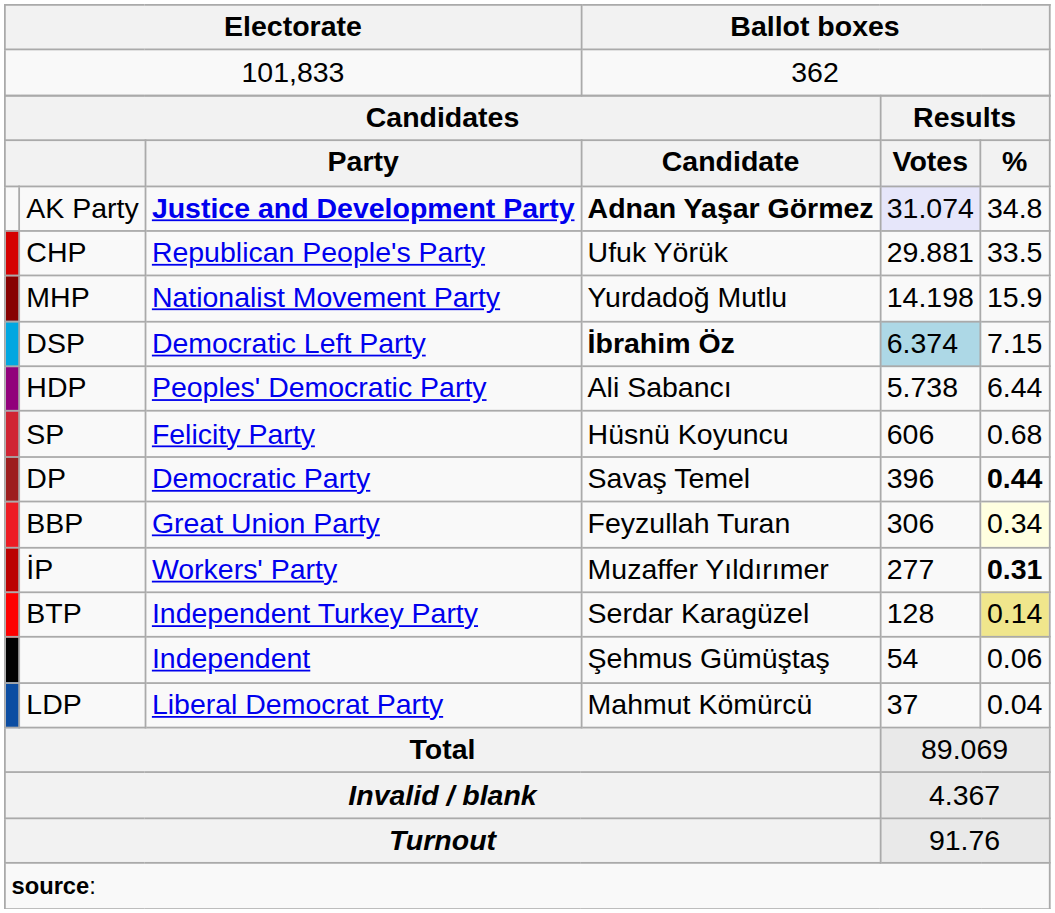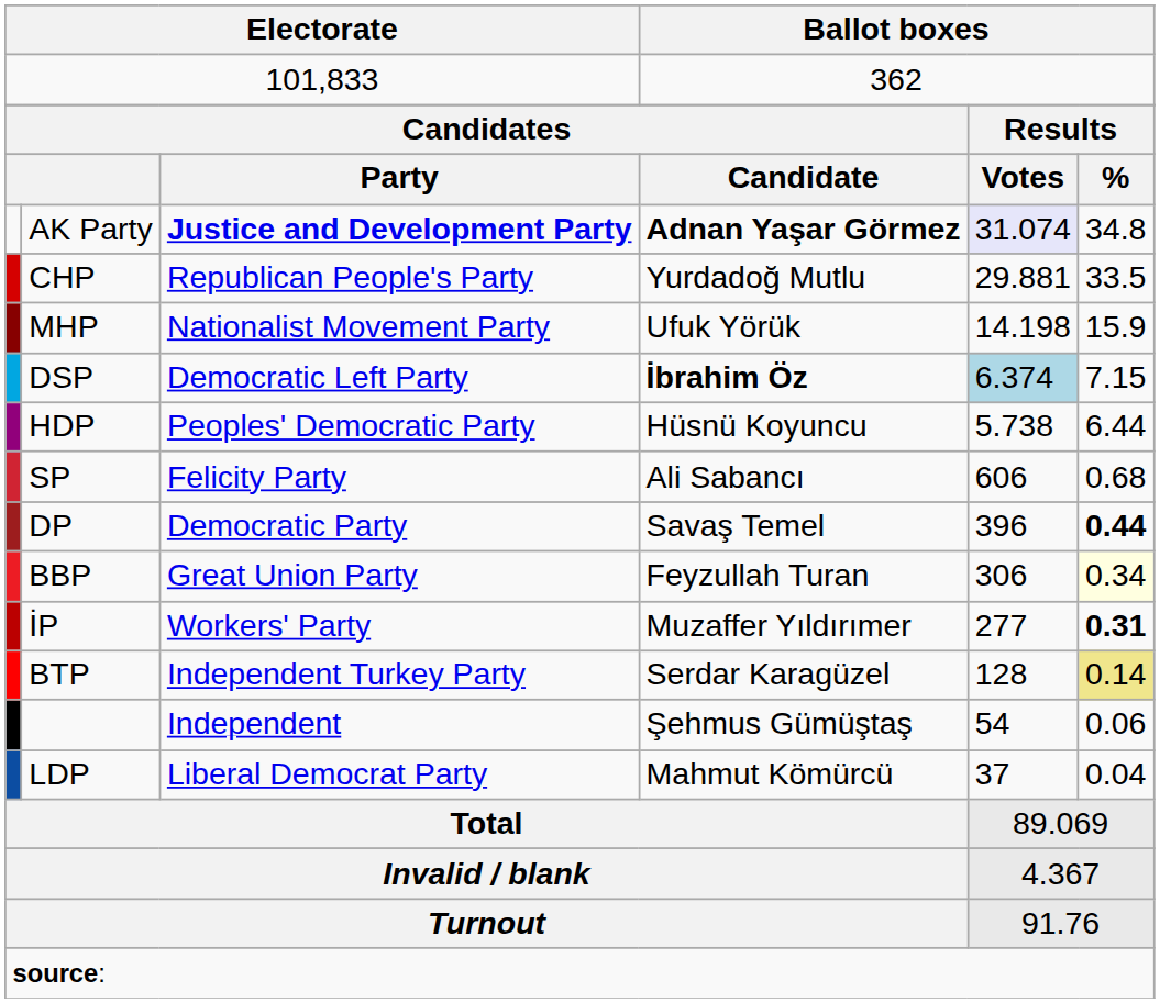 <table class="wikitable">
 <tr style="background-color:#F2F2F2">
 <td align="center" colspan="3"><strong>Electorate</strong></td>
 <td align="center" colspan="7"><strong>Ballot boxes</strong></td>
 </tr>
 <tr align="left">
 <td align="center" colspan="3">101,833</td>
 <td align="center" colspan="7">362</td>
 </tr>
 <tr>
 </tr>
 <tr style="background-color:#E9E9E9">
 </tr>
 <tr>
 <th align="center" colspan="4">Candidates</th>
 <th align="center" colspan="6">Results</th>
 </tr>
 <tr style="background-color:#E9E9E9">
 <th align="center" colspan="2"></th>
 <th align="center">Party</th>
 <th align="center">Candidate</th>
 <th align="center">Votes</th>
 <th align="center">%</th>
 </tr>
 <tr align="left">
 <td></td>
 <td>AK Party</td>
 <td><strong><a href='#'>Justice and Development Party</a></strong></td>
 <td><strong>Adnan Yaşar Görmez</strong></td>
 <td style="background: lavender;">31.074</td>
 <td>34.8</td>
 </tr>
 <tr align="left">
 <td bgcolor="#d50000" width=1></td>
 <td>CHP</td>
 <td><a href='#'>Republican People's Party</a></td>
-<td>Ufuk Yörük</td>
+<td>Yurdadoğ Mutlu</td>
 <td>29.881</td>
 <td>33.5</td>
 </tr>
 <tr align="left">
 <td bgcolor="#870000" width=1></td>
 <td>MHP</td>
 <td><a href='#'>Nationalist Movement Party</a></td>
-<td>Yurdadoğ Mutlu</td>
+<td>Ufuk Yörük</td>
 <td>14.198</td>
 <td>15.9</td>
 </tr>
 <tr align="left">
 <td bgcolor="#01A7E1" width=1></td>
 <td>DSP</td>
 <td><a href='#'>Democratic Left Party</a></td>
 <td><strong>İbrahim Öz</strong></td>
 <td style="background: lightblue;">6.374</td>
 <td>7.15</td>
 </tr>
 <tr align="left">
 <td bgcolor="#91007B" width=1></td>
 <td>HDP</td>
 <td><a href='#'>Peoples' Democratic Party</a></td>
-<td>Ali Sabancı</td>
+<td>Hüsnü Koyuncu</td>
 <td>5.738</td>
 <td>6.44</td>
 </tr>
 <tr align="left">
 <td bgcolor="#D02433" width=1></td>
 <td>SP</td>
 <td><a href='#'>Felicity Party</a></td>
-<td>Hüsnü Koyuncu</td>
+<td>Ali Sabancı</td>
 <td>606</td>
 <td>0.68</td>
 </tr>
 <tr align="left">
 <td bgcolor="#9D1D1E" width=1></td>
 <td>DP</td>
 <td><a href='#'>Democratic Party</a></td>
 <td>Savaş Temel</td>
 <td>396</td>
 <td><strong>0.44</strong></td>
 </tr>
 <tr align="left">
 <td bgcolor="#ED1C24" width=1></td>
 <td>BBP</td>
 <td><a href='#'>Great Union Party</a></td>
 <td>Feyzullah Turan</td>
 <td>306</td>
 <td style="background: lightyellow;">0.34</td>
 </tr>
 <tr align="left">
 <td bgcolor="#BB0000" width=1></td>
 <td>İP</td>
 <td><a href='#'>Workers' Party</a></td>
 <td>Muzaffer Yıldırımer</td>
 <td>277</td>
 <td><strong>0.31</strong></td>
 </tr>
 <tr align="left">
 <td bgcolor="#FE0000" width=1></td>
 <td>BTP</td>
 <td><a href='#'>Independent Turkey Party</a></td>
 <td>Serdar Karagüzel</td>
 <td>128</td>
 <td style="background: khaki;">0.14</td>
 </tr>
 <tr align="left">
 <td bgcolor=" " width=1></td>
 <td></td>
 <td><a href='#'>Independent</a></td>
 <td>Şehmus Gümüştaş</td>
 <td>54</td>
 <td>0.06</td>
 </tr>
 <tr align="left">
 <td bgcolor="#0C4DA2" width=1></td>
 <td>LDP</td>
 <td><a href='#'>Liberal Democrat Party</a></td>
 <td>Mahmut Kömürcü</td>
 <td>37</td>
 <td>0.04</td>
 </tr>
 <tr style="background-color:#E9E9E9" align="left">
 <th align="center" colspan="4"><strong>Total</strong></th>
 <td align="center" colspan="5">89.069</td>
 </tr>
 <tr style="background-color:#E9E9E9" align="left">
 <th align="center" colspan="4"><em>Invalid / blank</em></th>
 <td align="center" colspan="5">4.367</td>
 </tr>
 <tr style="background-color:#E9E9E9" align="left">
 <th align="center" colspan="4"><em>Turnout</em></th>
 <td align="center" colspan="5">91.76</td>
 </tr>
 <tr>
 <td align="left" colspan=10><small><strong>source</strong>: </small></td>
 </tr>
 </table>
